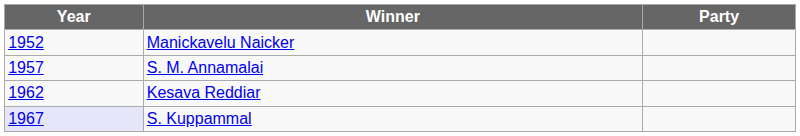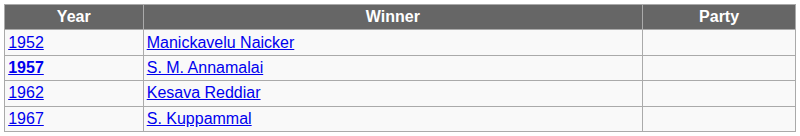 <table class="wikitable" width="50%">
 <tr>
 <th style="background-color:#666666; color:white">Year</th>
 <th style="background-color:#666666; color:white">Winner</th>
 <th style="background-color:#666666; color:white" colspan="2">Party</th>
 </tr>
 <tr>
 <td><a href='#'>1952</a></td>
 <td><a href='#'>Manickavelu Naicker</a></td>
 <td></td>
 </tr>
 <tr>
-<td><a href='#'>1957</a></td>
+<td><strong><a href='#'>1957</a></strong></td>
 <td><a href='#'>S. M. Annamalai</a></td>
 <td></td>
 </tr>
 <tr>
 <td><a href='#'>1962</a></td>
 <td><a href='#'>Kesava Reddiar</a></td>
 <td></td>
 </tr>
 <tr>
-<td style="background: lavender;"><a href='#'>1967</a></td>
+<td><a href='#'>1967</a></td>
 <td><a href='#'>S. Kuppammal</a></td>
 <td></td>
 </tr>
 <tr>
 </tr>
 </table>
